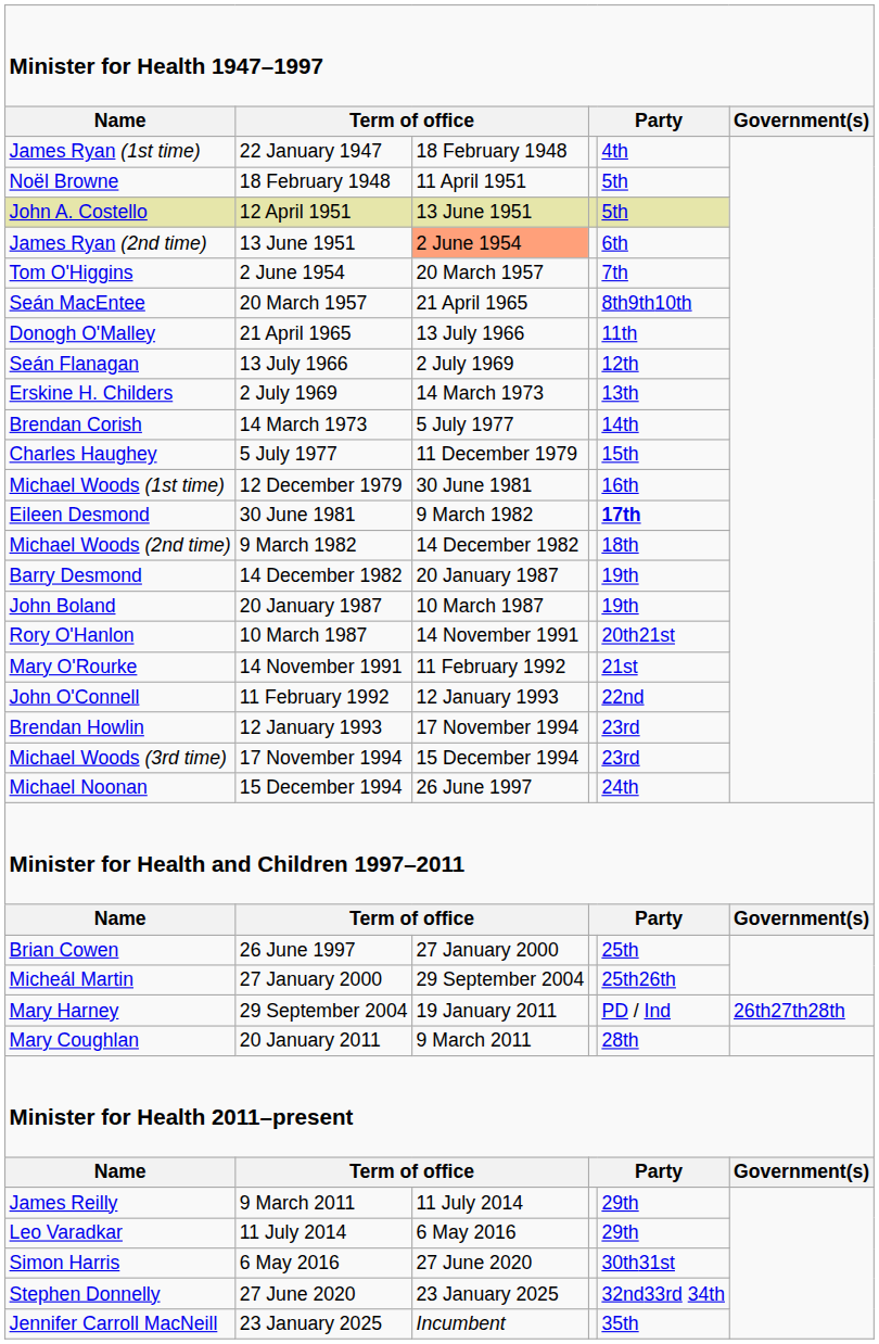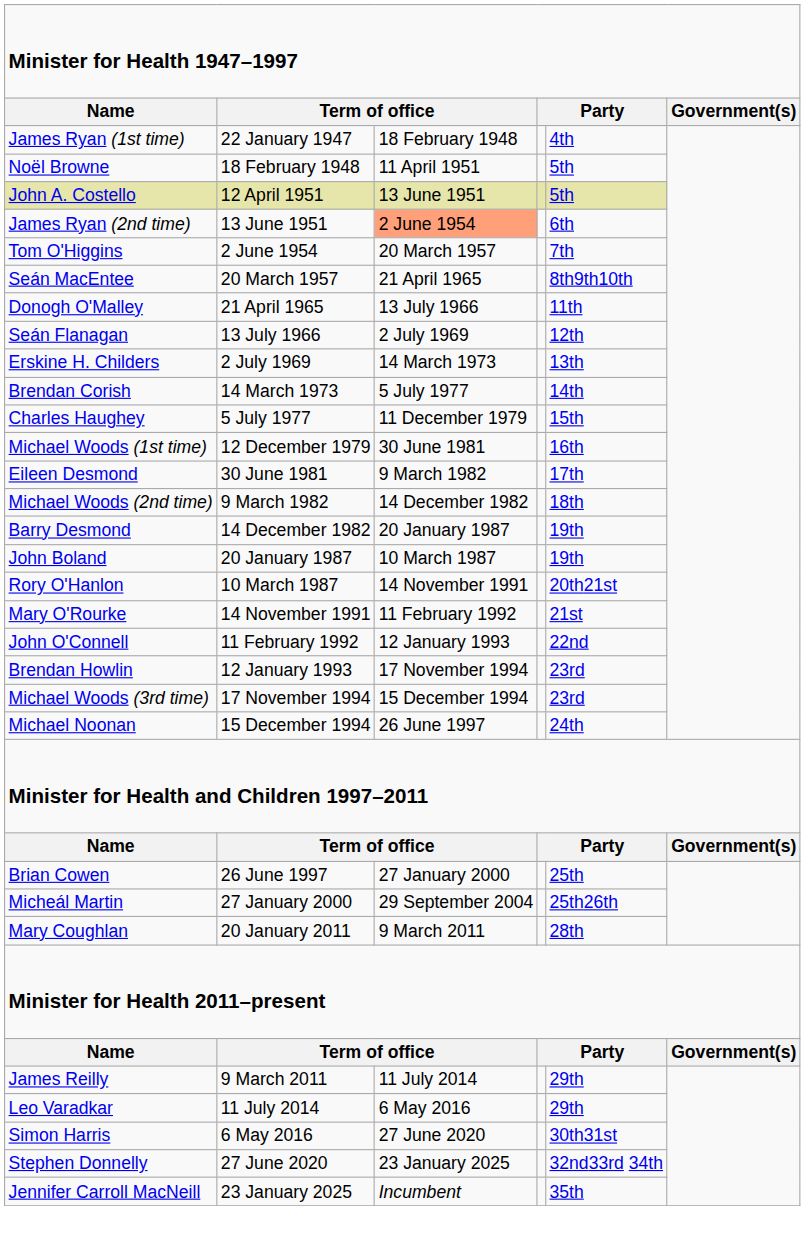 <table class ="wikitable">
 <tr>
 <td colspan="6"><br><h3>Minister for Health 1947–1997</h3></td>
 </tr>
 <tr>
 <th>Name</th>
 <th colspan="2">Term of office</th>
 <th colspan="2">Party</th>
 <th>Government(s)</th>
 </tr>
 <tr>
 <td><a href='#'>James Ryan</a> <em>(1st time)</em></td>
 <td>22 January 1947</td>
 <td>18 February 1948</td>
 <td></td>
 <td><a href='#'>4th</a></td>
 </tr>
 <tr>
 <td><a href='#'>Noël Browne</a></td>
 <td>18 February 1948</td>
 <td>11 April 1951</td>
 <td></td>
 <td><a href='#'>5th</a></td>
 </tr>
 <tr bgcolor=#E6E6AA>
 <td><a href='#'>John A. Costello</a> </td>
 <td>12 April 1951</td>
 <td>13 June 1951</td>
 <td></td>
 <td><a href='#'>5th</a></td>
 </tr>
 <tr>
 <td><a href='#'>James Ryan</a> <em>(2nd time)</em></td>
 <td>13 June 1951</td>
 <td style="background: lightsalmon;">2 June 1954</td>
 <td></td>
 <td><a href='#'>6th</a></td>
 </tr>
 <tr>
 <td><a href='#'>Tom O'Higgins</a></td>
 <td>2 June 1954</td>
 <td>20 March 1957</td>
 <td></td>
 <td><a href='#'>7th</a></td>
 </tr>
 <tr>
 <td><a href='#'>Seán MacEntee</a></td>
 <td>20 March 1957</td>
 <td>21 April 1965</td>
 <td></td>
 <td><a href='#'>8th</a><a href='#'>9th</a><a href='#'>10th</a></td>
 </tr>
 <tr>
 <td><a href='#'>Donogh O'Malley</a></td>
 <td>21 April 1965</td>
 <td>13 July 1966</td>
 <td></td>
 <td><a href='#'>11th</a></td>
 </tr>
 <tr>
 <td><a href='#'>Seán Flanagan</a></td>
 <td>13 July 1966</td>
 <td>2 July 1969</td>
 <td></td>
 <td><a href='#'>12th</a></td>
 </tr>
 <tr>
 <td><a href='#'>Erskine H. Childers</a></td>
 <td>2 July 1969</td>
 <td>14 March 1973</td>
 <td></td>
 <td><a href='#'>13th</a></td>
 </tr>
 <tr>
 <td><a href='#'>Brendan Corish</a></td>
 <td>14 March 1973</td>
 <td>5 July 1977</td>
 <td></td>
 <td><a href='#'>14th</a></td>
 </tr>
 <tr>
 <td><a href='#'>Charles Haughey</a></td>
 <td>5 July 1977</td>
 <td>11 December 1979</td>
 <td></td>
 <td><a href='#'>15th</a></td>
 </tr>
 <tr>
 <td><a href='#'>Michael Woods</a> <em>(1st time)</em></td>
 <td>12 December 1979</td>
 <td>30 June 1981</td>
 <td></td>
 <td><a href='#'>16th</a></td>
 </tr>
 <tr>
 <td><a href='#'>Eileen Desmond</a></td>
 <td>30 June 1981</td>
 <td>9 March 1982</td>
 <td></td>
-<td><strong><a href='#'>17th</a></strong></td>
+<td><a href='#'>17th</a></td>
 </tr>
 <tr>
 <td><a href='#'>Michael Woods</a> <em>(2nd time)</em></td>
 <td>9 March 1982</td>
 <td>14 December 1982</td>
 <td></td>
 <td><a href='#'>18th</a></td>
 </tr>
 <tr>
 <td><a href='#'>Barry Desmond</a></td>
 <td>14 December 1982</td>
 <td>20 January 1987</td>
 <td></td>
 <td><a href='#'>19th</a></td>
 </tr>
 <tr>
 <td><a href='#'>John Boland</a></td>
 <td>20 January 1987</td>
 <td>10 March 1987</td>
 <td></td>
 <td><a href='#'>19th</a></td>
 </tr>
 <tr>
 <td><a href='#'>Rory O'Hanlon</a></td>
 <td>10 March 1987</td>
 <td>14 November 1991</td>
 <td></td>
 <td><a href='#'>20th</a><a href='#'>21st</a></td>
 </tr>
 <tr>
 <td><a href='#'>Mary O'Rourke</a></td>
 <td>14 November 1991</td>
 <td>11 February 1992</td>
 <td></td>
 <td><a href='#'>21st</a></td>
 </tr>
 <tr>
 <td><a href='#'>John O'Connell</a></td>
 <td>11 February 1992</td>
 <td>12 January 1993</td>
 <td></td>
 <td><a href='#'>22nd</a></td>
 </tr>
 <tr>
 <td><a href='#'>Brendan Howlin</a></td>
 <td>12 January 1993</td>
 <td>17 November 1994</td>
 <td></td>
 <td><a href='#'>23rd</a></td>
 </tr>
 <tr>
 <td><a href='#'>Michael Woods</a> <em>(3rd time)</em></td>
 <td>17 November 1994</td>
 <td>15 December 1994</td>
 <td></td>
 <td><a href='#'>23rd</a></td>
 </tr>
 <tr>
 <td><a href='#'>Michael Noonan</a></td>
 <td>15 December 1994</td>
 <td>26 June 1997</td>
 <td></td>
 <td><a href='#'>24th</a></td>
 </tr>
 <tr>
 <td colspan="6"><br><h3>Minister for Health and Children 1997–2011</h3></td>
 </tr>
 <tr>
 <th>Name</th>
 <th colspan="2">Term of office</th>
 <th colspan="2">Party</th>
 <th>Government(s)</th>
 </tr>
 <tr>
 <td><a href='#'>Brian Cowen</a></td>
 <td>26 June 1997</td>
 <td>27 January 2000</td>
 <td></td>
 <td><a href='#'>25th</a></td>
 </tr>
 <tr>
 <td><a href='#'>Micheál Martin</a></td>
 <td>27 January 2000</td>
 <td>29 September 2004</td>
 <td></td>
 <td><a href='#'>25th</a><a href='#'>26th</a></td>
 </tr>
 <tr>
-<td><a href='#'>Mary Harney</a></td>
-<td>29 September 2004</td>
-<td>19 January 2011</td>
-<td style="background-color: "></td>
-<td><a href='#'>PD</a> / <a href='#'>Ind</a></td>
-<td><a href='#'>26th</a><a href='#'>27th</a><a href='#'>28th</a></td>
-</tr>
-<tr>
 <td><a href='#'>Mary Coughlan</a></td>
 <td>20 January 2011</td>
 <td>9 March 2011</td>
 <td></td>
 <td><a href='#'>28th</a></td>
 </tr>
 <tr>
 <td colspan="6"><br><h3>Minister for Health 2011–present</h3></td>
 </tr>
 <tr>
 <th>Name</th>
 <th colspan="2">Term of office</th>
 <th colspan="2">Party</th>
 <th>Government(s)</th>
 </tr>
 <tr>
 <td><a href='#'>James Reilly</a></td>
 <td>9 March 2011</td>
 <td>11 July 2014</td>
 <td></td>
 <td><a href='#'>29th</a></td>
 </tr>
 <tr>
 <td><a href='#'>Leo Varadkar</a></td>
 <td>11 July 2014</td>
 <td>6 May 2016</td>
 <td></td>
 <td><a href='#'>29th</a></td>
 </tr>
 <tr>
 <td><a href='#'>Simon Harris</a></td>
 <td>6 May 2016</td>
 <td>27 June 2020</td>
 <td></td>
 <td><a href='#'>30th</a><a href='#'>31st</a></td>
 </tr>
 <tr>
 <td><a href='#'>Stephen Donnelly</a></td>
 <td>27 June 2020</td>
 <td>23 January 2025</td>
 <td></td>
 <td><a href='#'>32nd</a><a href='#'>33rd</a> <a href='#'>34th</a></td>
 </tr>
 <tr>
 <td><a href='#'>Jennifer Carroll MacNeill</a></td>
 <td>23 January 2025</td>
 <td><em>Incumbent</em></td>
 <td></td>
 <td><a href='#'>35th</a></td>
 </tr>
 </table>
